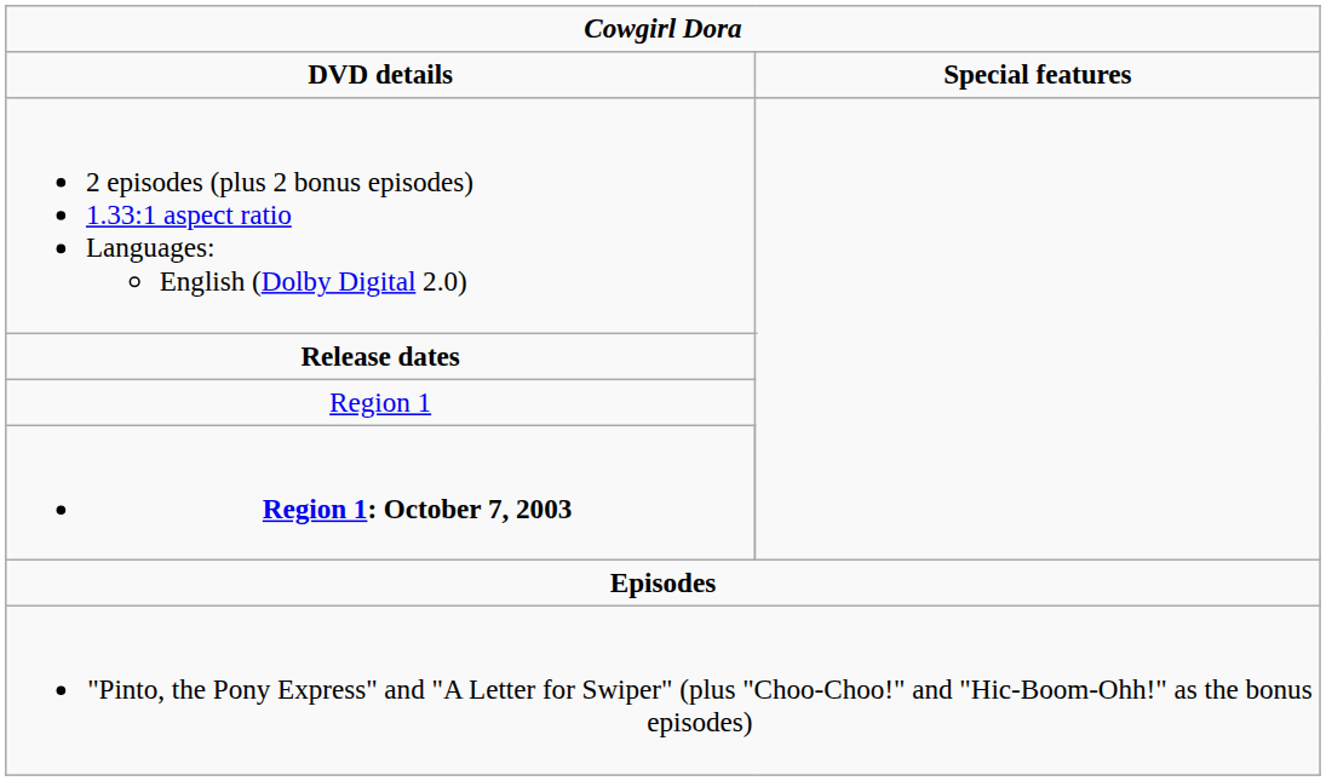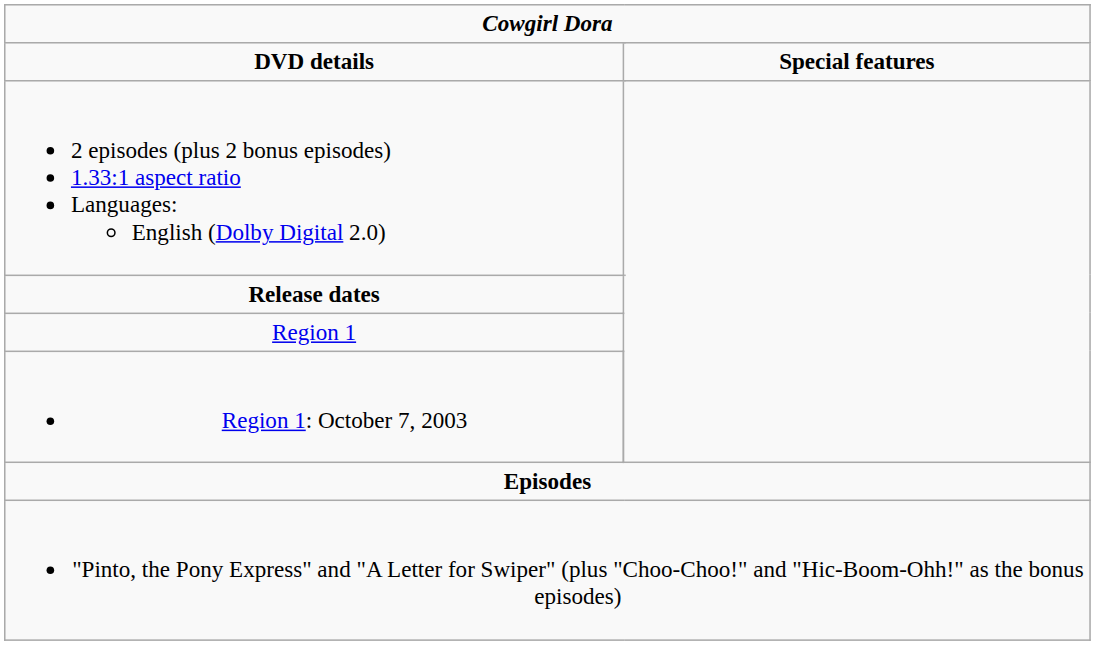 <table class="wikitable" style="font-size: 95%;">
 <tr>
 <td colspan="4" align="center"><strong><em>Cowgirl Dora</em></strong></td>
 </tr>
 <tr valign="top">
 <td colspan="3" style="text-align:center; width:400px;"><strong>DVD details</strong></td>
 <td style="width:300px; text-align:center;"><strong>Special features</strong></td>
 </tr>
 <tr valign="top">
 <td colspan="3" style="text-align:left; width:400px;"><br><ul><li>2 episodes (plus 2 bonus episodes)</li><li><a href='#'>1.33:1 aspect ratio</a></li><li>Languages:<ul><li>English (<a href='#'>Dolby Digital</a> 2.0)</li></ul></li></ul></td>
 <td rowspan="4" style="text-align:left; width:300px;"></td>
 </tr>
 <tr>
 <td colspan="3" style="text-align:center;"><strong>Release dates</strong></td>
 </tr>
 <tr>
 <td colspan="3" style="text-align:center;"><a href='#'>Region 1</a></td>
 </tr>
 <tr style="text-align:center;">
-<td><strong><br><ul><li><a href='#'>Region 1</a>: October 7, 2003</li></ul></strong></td>
+<td><br><ul><li><a href='#'>Region 1</a>: October 7, 2003</li></ul></td>
 </tr>
 <tr>
 <td colspan="4" style="text-align:center; width:400px;"><strong>Episodes</strong></td>
 </tr>
 <tr>
 <td colspan="4" style="text-align:center; width:400px;"><br><ul><li>"Pinto, the Pony Express" and "A Letter for Swiper" (plus "Choo-Choo!" and "Hic-Boom-Ohh!" as the bonus episodes)</li></ul></td>
 </tr>
 </table>
